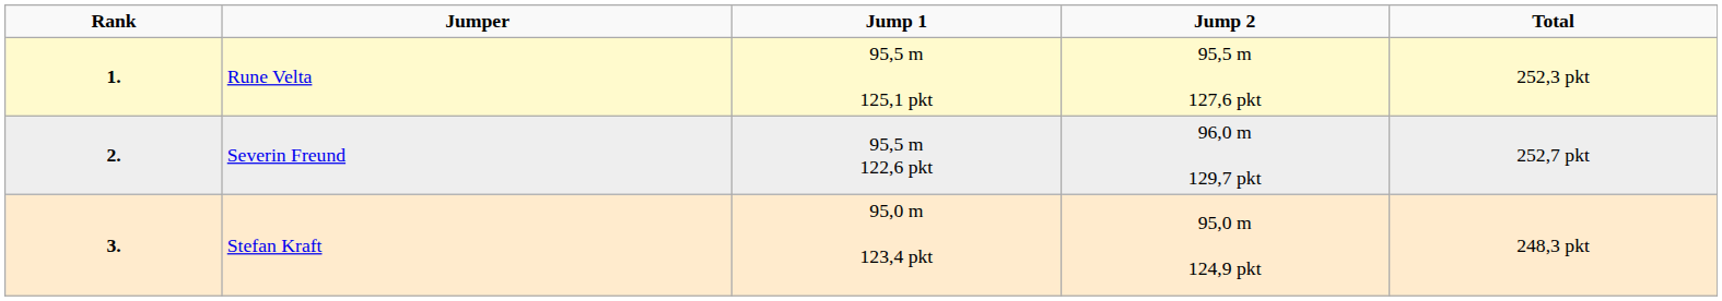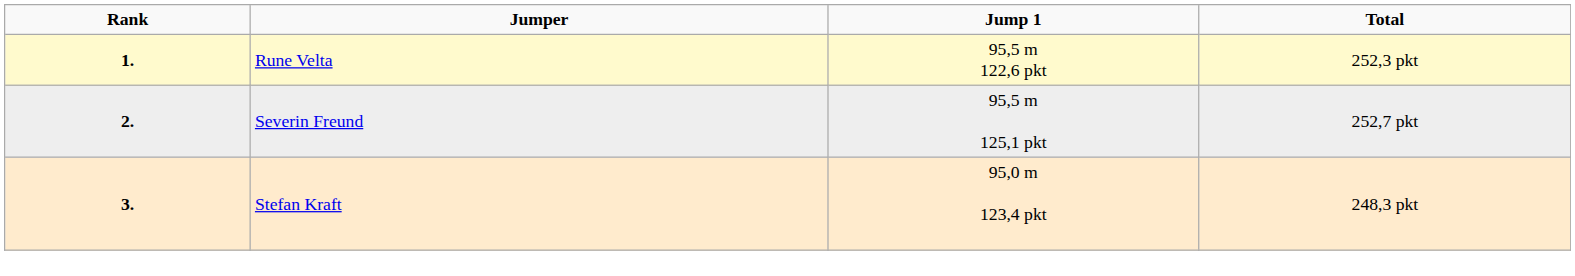 <table border="2" cellpadding="3" cellspacing="2" style="margin: 1em 1em 1em 0; background: #f9f9f9; border: 1px #aaa solid; border-collapse: collapse; font-size: 89%; text-align: center; width:100%">
 <tr>
 <th>Rank</th>
 <th>Jumper</th>
 <th>Jump 1</th>
-<th>Jump 2</th>
 <th>Total</th>
 </tr>
 <tr bgcolor="FFFACD">
 <td><strong>1.</strong></td>
 <td align="left"><a href='#'>Rune Velta</a></td>
-<td>95,5 m<br><br>125,1 pkt<br></td>
-<td>95,5 m<br><br>127,6 pkt<br></td>
+<td>95,5 m<br>122,6 pkt<br></td>
 <td>252,3 pkt</td>
 </tr>
 <tr bgcolor="eeeeee">
 <td><strong>2.</strong></td>
 <td align="left"><a href='#'>Severin Freund</a></td>
-<td>95,5 m<br>122,6 pkt<br></td>
-<td>96,0 m<br><br>129,7 pkt<br></td>
+<td>95,5 m<br><br>125,1 pkt<br></td>
 <td>252,7 pkt</td>
 </tr>
 <tr bgcolor="ffebcd">
 <td><strong>3.</strong></td>
 <td align="left"><a href='#'>Stefan Kraft</a></td>
 <td>95,0 m<br><br>123,4 pkt<br> <br></td>
-<td>95,0 m<br><br>124,9 pkt<br></td>
 <td>248,3 pkt</td>
 </tr>
 </table>
